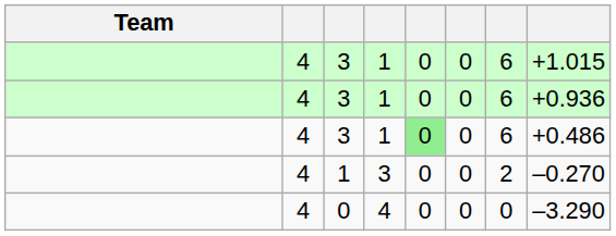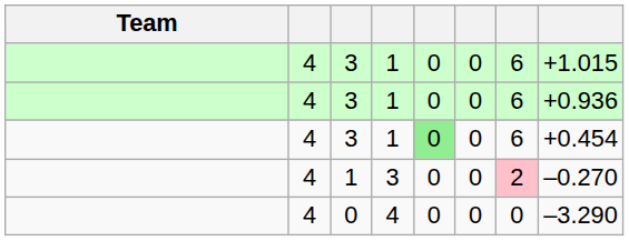 <table class="wikitable" style="text-align:center">
 <tr>
 <th width=180>Team</th>
 <th width=20></th>
 <th width=20></th>
 <th width=20></th>
 <th width=20></th>
 <th width=20></th>
 <th width=20></th>
 <th width=45></th>
 </tr>
 <tr style="background:#cfc">
 <td align="left"></td>
 <td>4</td>
 <td>3</td>
 <td>1</td>
 <td>0</td>
 <td>0</td>
 <td>6</td>
 <td>+1.015</td>
 </tr>
 <tr style="background:#cfc">
 <td align="left"></td>
 <td>4</td>
 <td>3</td>
 <td>1</td>
 <td>0</td>
 <td>0</td>
 <td>6</td>
 <td>+0.936</td>
 </tr>
 <tr>
 <td align="left"></td>
 <td>4</td>
 <td>3</td>
 <td>1</td>
 <td style="background: lightgreen;">0</td>
 <td>0</td>
 <td>6</td>
-<td>+0.486</td>
+<td>+0.454</td>
 </tr>
 <tr>
 <td align="left"></td>
 <td>4</td>
 <td>1</td>
 <td>3</td>
 <td>0</td>
 <td>0</td>
-<td>2</td>
+<td style="background: pink;">2</td>
 <td>–0.270</td>
 </tr>
 <tr>
 <td align="left"></td>
 <td>4</td>
 <td>0</td>
 <td>4</td>
 <td>0</td>
 <td>0</td>
 <td>0</td>
 <td>–3.290</td>
 </tr>
 </table>
